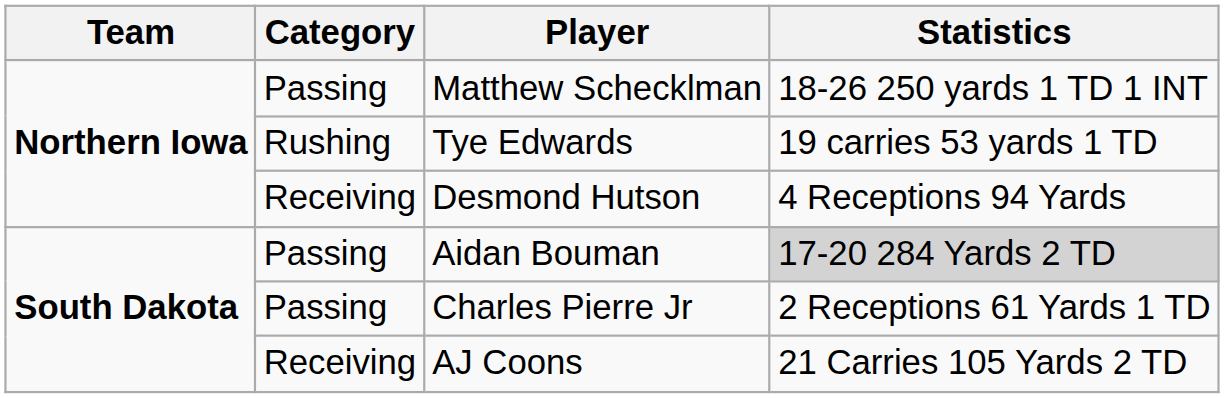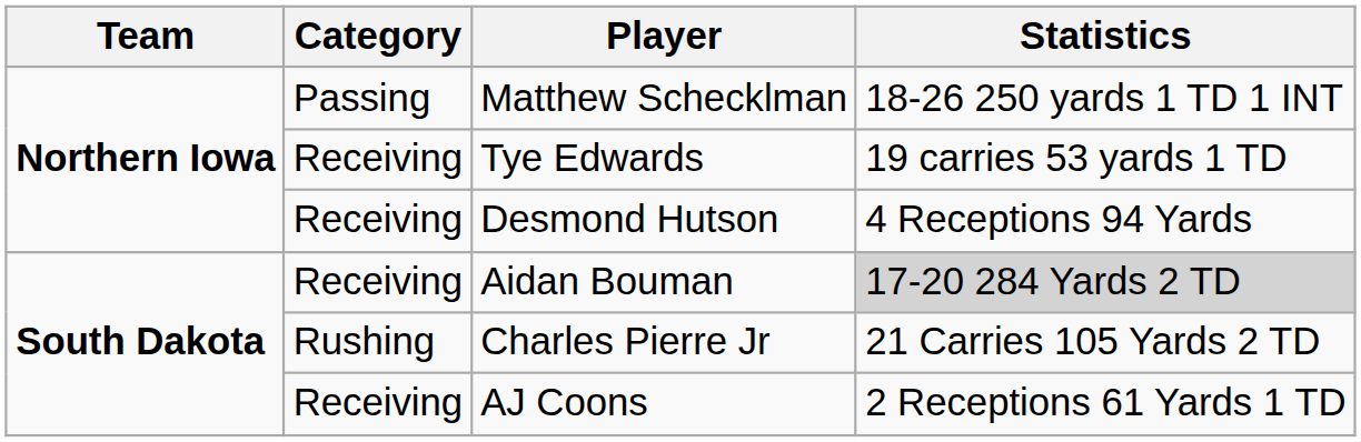 <table class="wikitable" style="float: right;">
 <tr>
 <th>Team</th>
 <th>Category</th>
 <th>Player</th>
 <th>Statistics</th>
 </tr>
 <tr>
 <td rowspan=3><strong>Northern Iowa</strong></td>
 <td>Passing</td>
 <td>Matthew Schecklman</td>
 <td>18-26 250 yards 1 TD 1 INT</td>
 </tr>
 <tr>
-<td>Rushing</td>
+<td>Receiving</td>
 <td>Tye Edwards</td>
 <td>19 carries 53 yards 1 TD</td>
 </tr>
 <tr>
 <td>Receiving</td>
 <td>Desmond Hutson</td>
 <td>4 Receptions 94 Yards</td>
 </tr>
 <tr>
 <td rowspan=3><strong>South Dakota</strong></td>
-<td>Passing</td>
+<td>Receiving</td>
 <td>Aidan Bouman</td>
 <td style="background: lightgrey;">17-20 284 Yards 2 TD</td>
 </tr>
 <tr>
-<td>Passing</td>
+<td>Rushing</td>
 <td>Charles Pierre Jr</td>
-<td>2 Receptions 61 Yards 1 TD</td>
+<td>21 Carries 105 Yards 2 TD</td>
 </tr>
 <tr>
 <td>Receiving</td>
 <td>AJ Coons</td>
-<td>21 Carries 105 Yards 2 TD</td>
+<td>2 Receptions 61 Yards 1 TD</td>
 </tr>
 </table>
